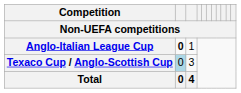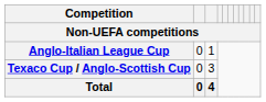 <table class="wikitable unsortable plainrowheaders" style="text-align:center">
 <tr>
 <th scope="col">Competition</th>
 <th scope="col"></th>
 <th scope="col"></th>
 <th scope="col"></th>
 <th scope="col"></th>
 <th scope="col"></th>
 <th scope="col"></th>
 <th scope="col"></th>
 <th scope="col"></th>
 <th scope="col"></th>
 <th scope="col"></th>
 </tr>
 <tr>
 <th colspan="11">Non-UEFA competitions</th>
 </tr>
 <tr>
 <th scope=row><a href='#'>Anglo-Italian League Cup</a></th>
-<td><strong>0</strong></td>
+<td>0</td>
 <td>1<br></td>
 </tr>
 <tr>
 <th scope=row><a href='#'>Texaco Cup</a> / <a href='#'>Anglo-Scottish Cup</a></th>
-<td style="background: lightblue;">0</td>
+<td>0</td>
 <td>3<br></td>
 </tr>
 <tr>
 <th>Total</th>
 <th>0</th>
 <th>4<br></th>
 </tr>
 </table>
